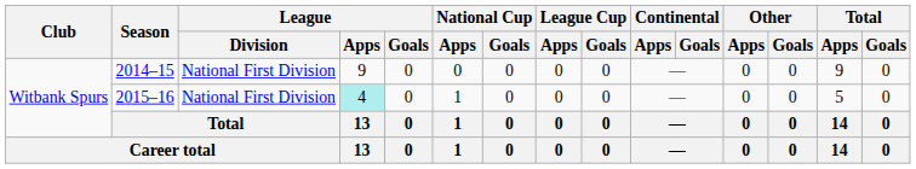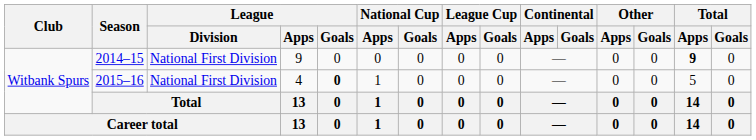 <table class="wikitable" style="text-align:center">
 <tr>
 <th rowspan="2">Club</th>
 <th rowspan="2">Season</th>
 <th colspan="3">League</th>
 <th colspan="2">National Cup</th>
 <th colspan="2">League Cup</th>
 <th colspan="2">Continental</th>
 <th colspan="2">Other</th>
 <th colspan="2">Total</th>
 </tr>
 <tr>
 <th>Division</th>
 <th>Apps</th>
 <th>Goals</th>
 <th>Apps</th>
 <th>Goals</th>
 <th>Apps</th>
 <th>Goals</th>
 <th>Apps</th>
 <th>Goals</th>
 <th>Apps</th>
 <th>Goals</th>
 <th>Apps</th>
 <th>Goals</th>
 </tr>
 <tr>
 <td rowspan="3"><a href='#'>Witbank Spurs</a></td>
 <td><a href='#'>2014–15</a></td>
 <td><a href='#'>National First Division</a></td>
 <td>9</td>
 <td>0</td>
 <td>0</td>
 <td>0</td>
 <td>0</td>
 <td>0</td>
 <td colspan="2">—</td>
 <td>0</td>
 <td>0</td>
-<td>9</td>
+<td><strong>9</strong></td>
 <td>0</td>
 </tr>
 <tr>
 <td><a href='#'>2015–16</a></td>
 <td><a href='#'>National First Division</a></td>
-<td style="background: paleturquoise;">4</td>
-<td>0</td>
+<td>4</td>
+<td><strong>0</strong></td>
 <td>1</td>
 <td>0</td>
 <td>0</td>
 <td>0</td>
 <td colspan="2">—</td>
 <td>0</td>
 <td>0</td>
 <td>5</td>
 <td>0</td>
 </tr>
 <tr>
 <th colspan="2">Total</th>
 <th>13</th>
 <th>0</th>
 <th>1</th>
 <th>0</th>
 <th>0</th>
 <th>0</th>
 <th colspan="2">—</th>
 <th>0</th>
 <th>0</th>
 <th>14</th>
 <th>0</th>
 </tr>
 <tr>
 <th colspan="3">Career total</th>
 <th>13</th>
 <th>0</th>
 <th>1</th>
 <th>0</th>
 <th>0</th>
 <th>0</th>
 <th colspan="2">—</th>
 <th>0</th>
 <th>0</th>
 <th>14</th>
 <th>0</th>
 </tr>
 </table>
